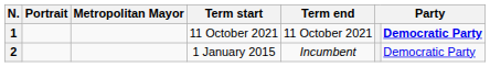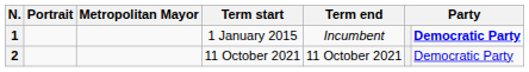 <table class="wikitable">
 <tr>
 <th>N.</th>
 <th>Portrait</th>
 <th>Metropolitan Mayor</th>
 <th>Term start</th>
 <th>Term end</th>
 <th colspan=2>Party</th>
 </tr>
 <tr>
 <th>1</th>
 <td></td>
 <td></td>
-<td align=center>11 October 2021</td>
-<td align=center>11 October 2021</td>
+<td align=center>1 January 2015</td>
+<td align=center><em>Incumbent</em></td>
 <th style="background:"></th>
 <td><strong><a href='#'>Democratic Party</a></strong></td>
 </tr>
 <tr>
 <th>2</th>
 <td></td>
 <td></td>
-<td align=center>1 January 2015</td>
-<td align=center><em>Incumbent</em></td>
+<td align=center>11 October 2021</td>
+<td align=center>11 October 2021</td>
 <th style="background:"></th>
 <td><a href='#'>Democratic Party</a></td>
 </tr>
 </table>
